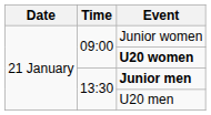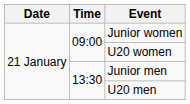 <table class="wikitable">
 <tr>
 <th>Date</th>
 <th>Time</th>
 <th>Event</th>
 </tr>
 <tr>
 <td rowspan=4>21 January</td>
 <td rowspan=2>09:00</td>
 <td>Junior women</td>
 </tr>
 <tr>
-<td><strong>U20 women</strong></td>
+<td>U20 women</td>
 </tr>
 <tr>
 <td rowspan=2>13:30</td>
-<td><strong>Junior men</strong></td>
+<td>Junior men</td>
 </tr>
 <tr>
 <td>U20 men</td>
 </tr>
 </table>
